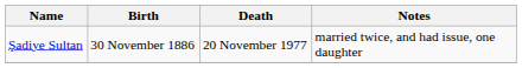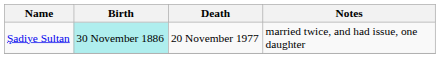 <table class="wikitable">
 <tr>
 <th>Name</th>
 <th>Birth</th>
 <th>Death</th>
 <th style="width:40%;">Notes</th>
 </tr>
 <tr>
 <td><a href='#'>Şadiye Sultan</a></td>
-<td>30 November 1886</td>
+<td style="background: paleturquoise;">30 November 1886</td>
 <td>20 November 1977</td>
 <td>married twice, and had issue, one daughter</td>
 </tr>
 <tr>
 </tr>
 </table>
